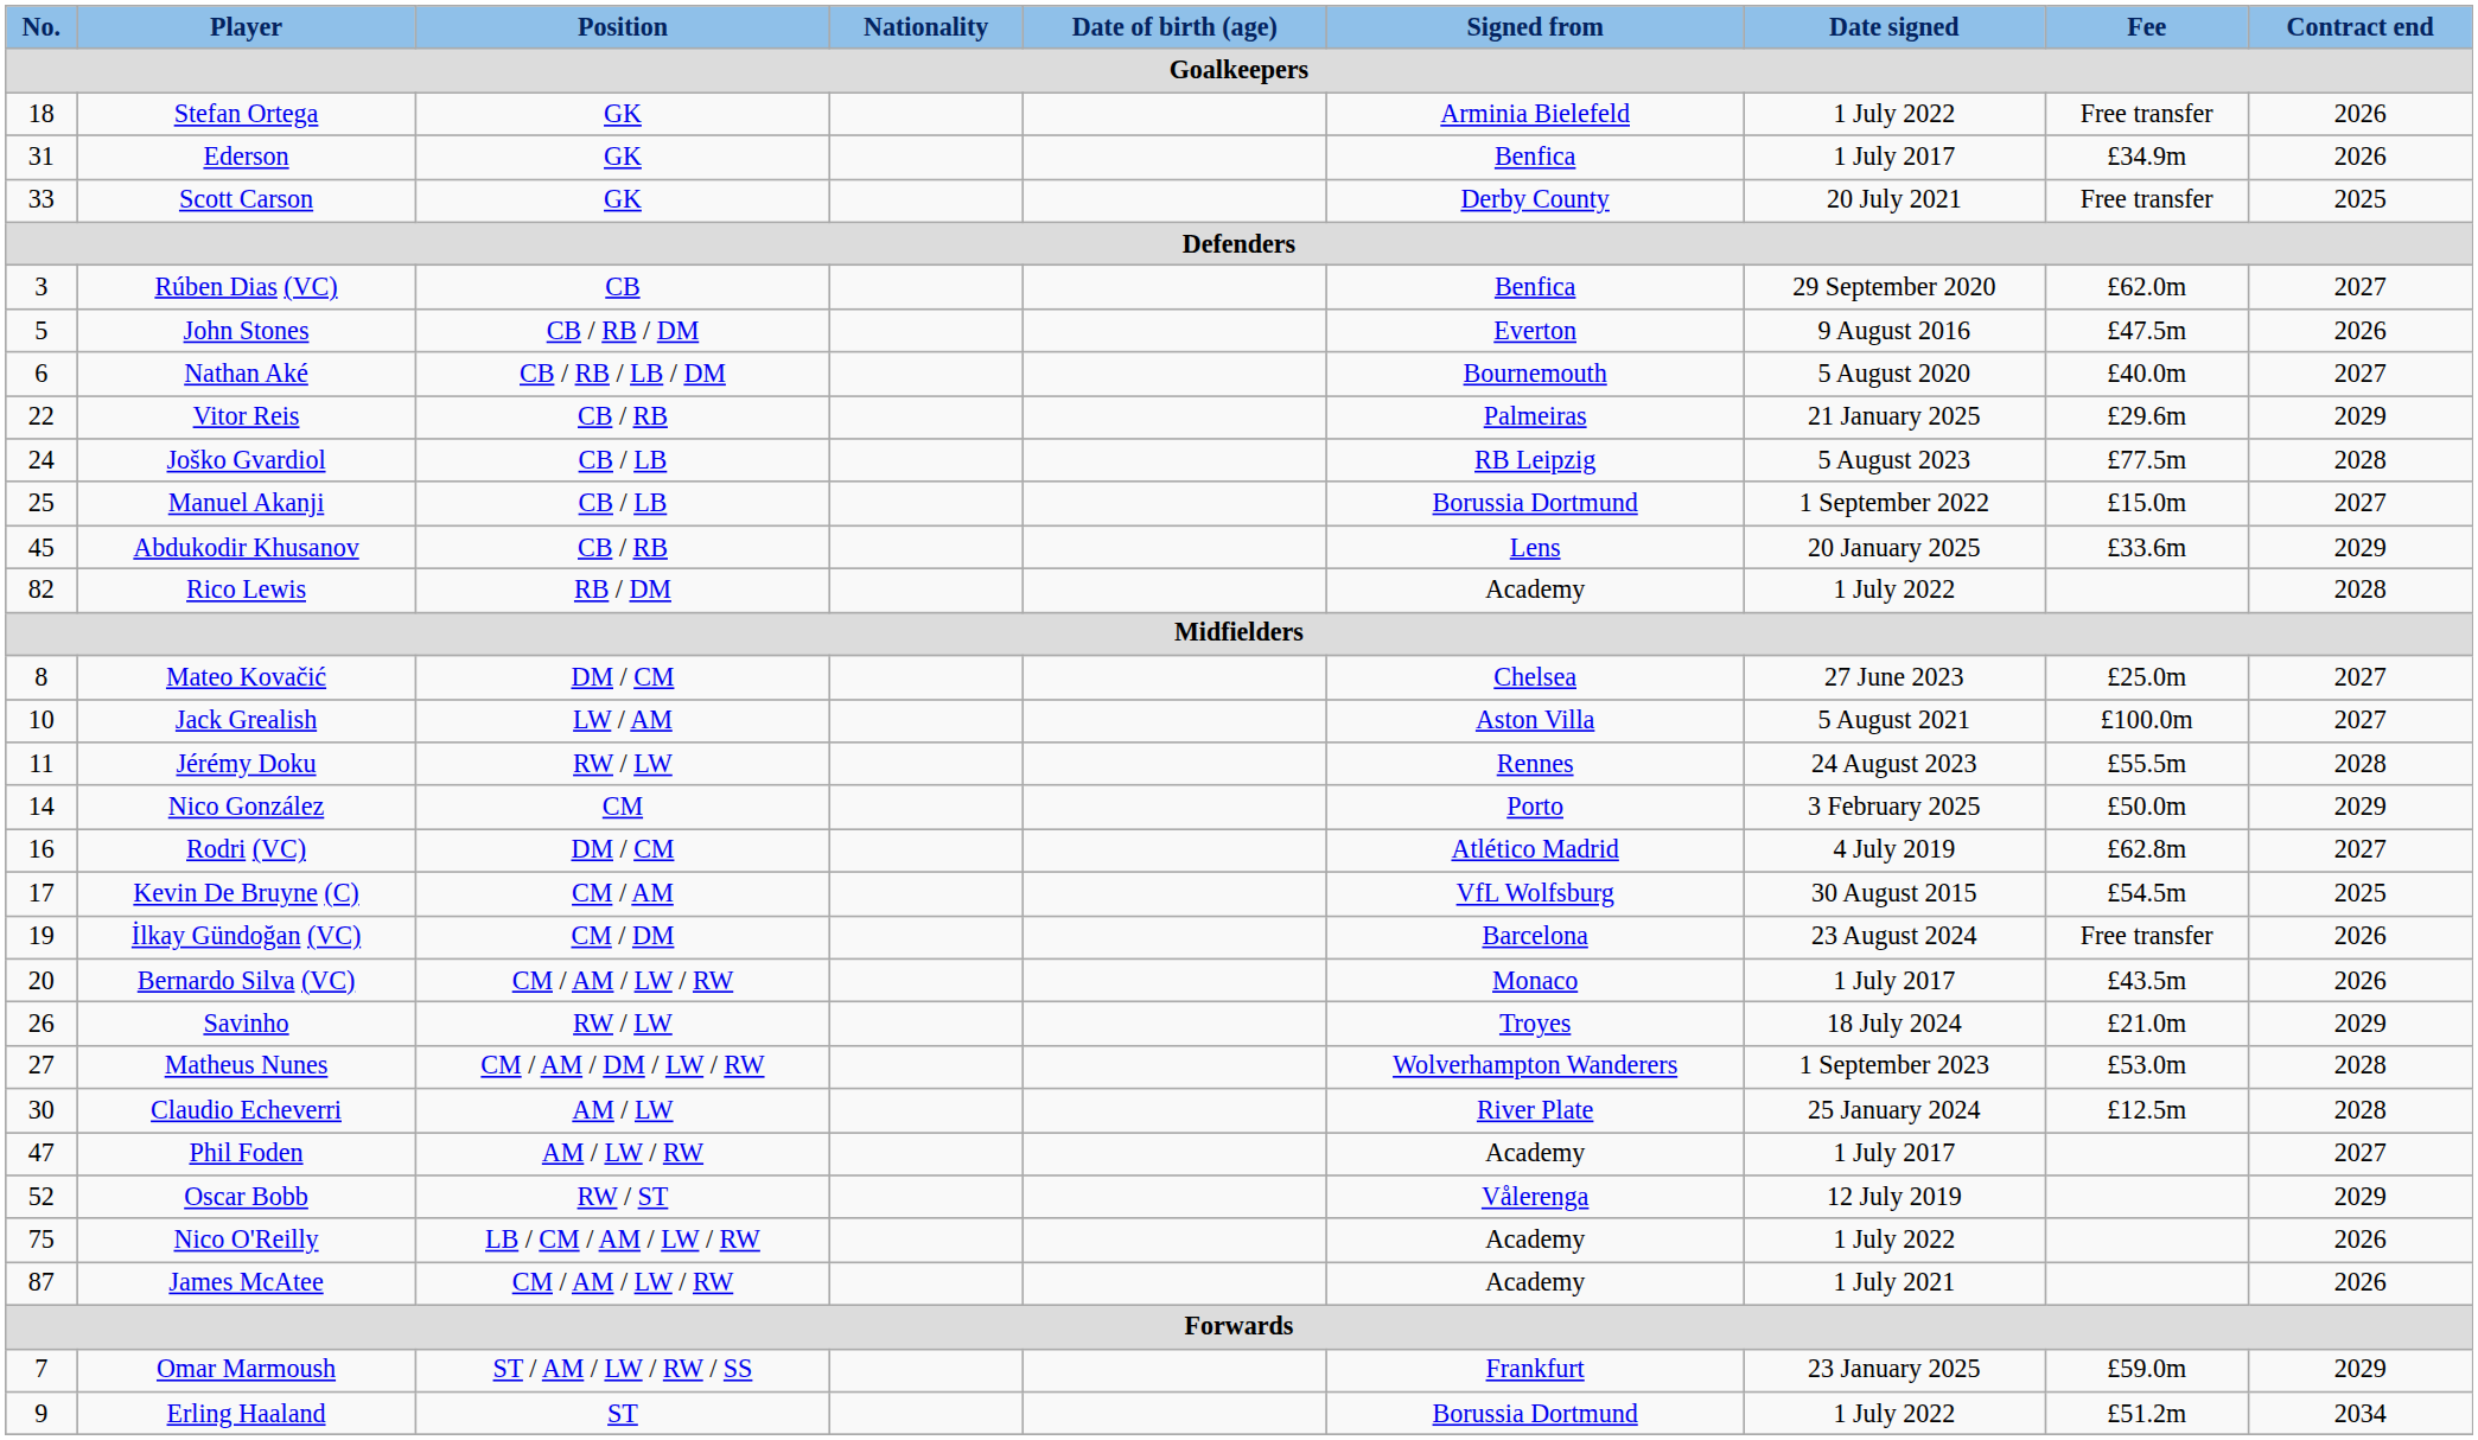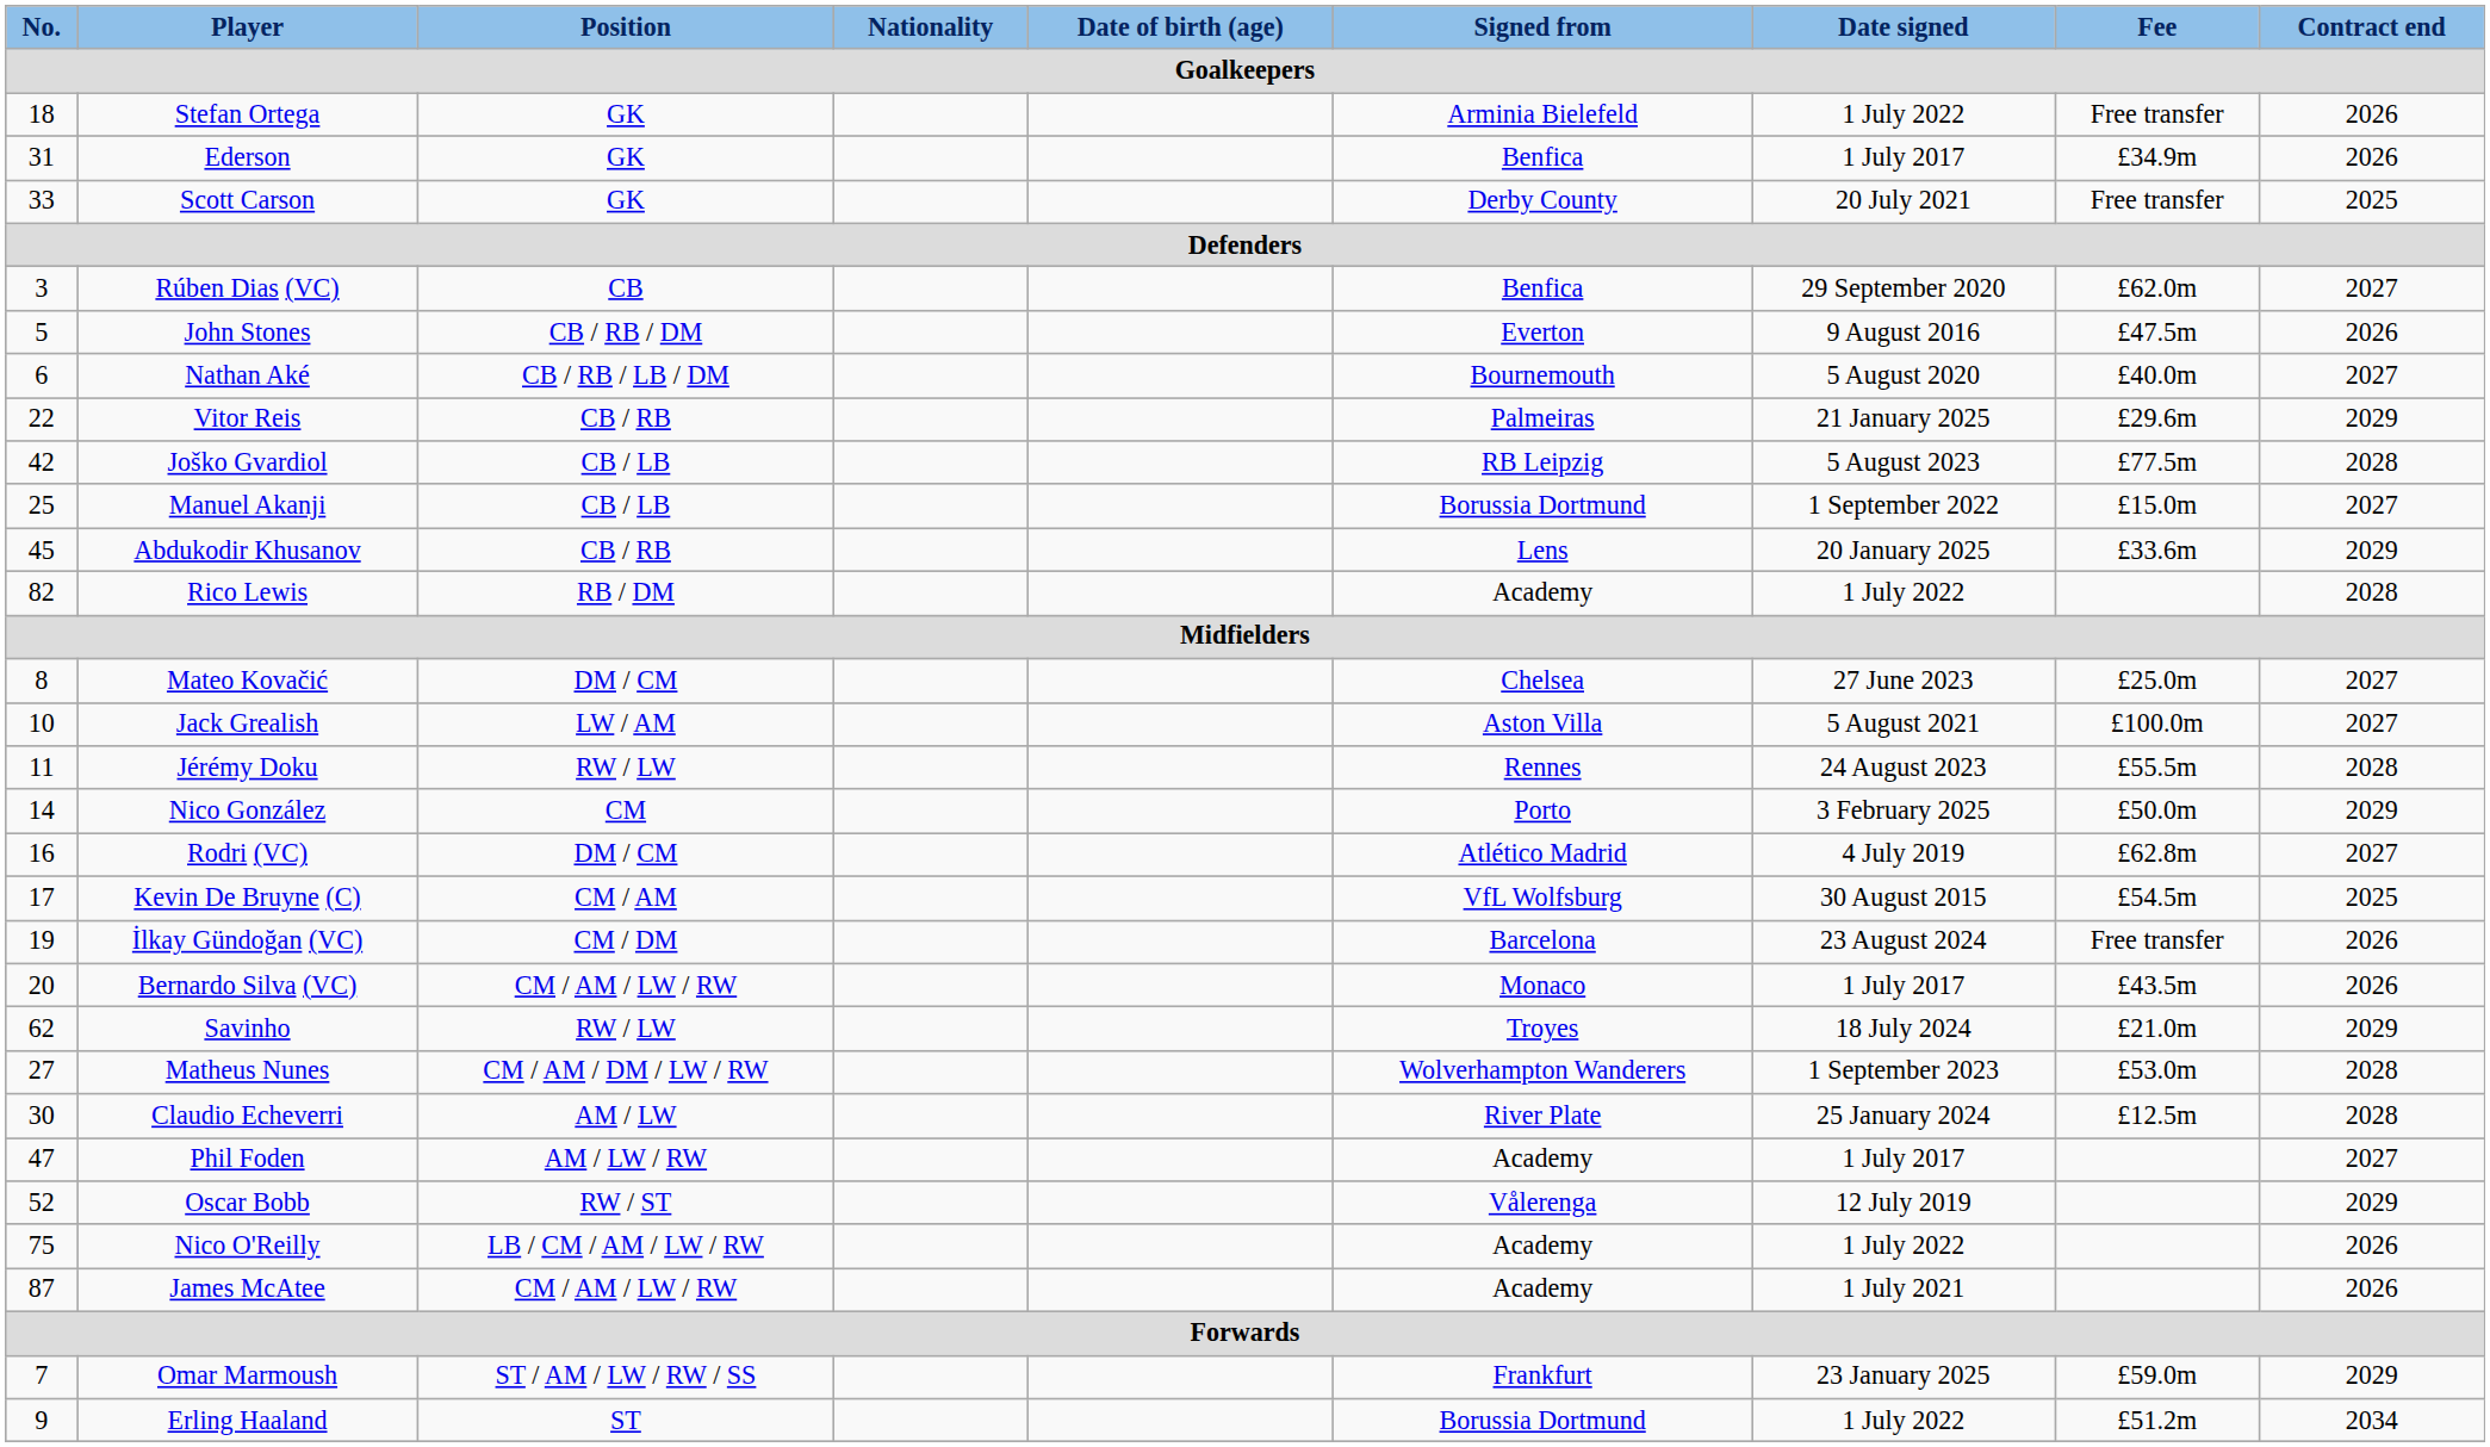 <table class="wikitable" style="text-align:center; font-size:84.5%; width:101%;">
 <tr>
 <th style="background:#8FC0E9;color:#022360; text-align:center;">No.</th>
 <th style="background:#8FC0E9;color:#022360; text-align:center;">Player</th>
 <th style="background:#8FC0E9;color:#022360; text-align:center;">Position</th>
 <th style="background:#8FC0E9;color:#022360; text-align:center;">Nationality</th>
 <th style="background:#8FC0E9;color:#022360; text-align:center;">Date of birth (age)</th>
 <th style="background:#8FC0E9;color:#022360; text-align:center;">Signed from</th>
 <th style="background:#8FC0E9;color:#022360; text-align:center;">Date signed</th>
 <th style="background:#8FC0E9;color:#022360; text-align:center;">Fee</th>
 <th style="background:#8FC0E9;color:#022360; text-align:center;">Contract end</th>
 </tr>
 <tr>
 <th colspan="11" style="background:#dcdcdc; tepxt-align:center;">Goalkeepers</th>
 </tr>
 <tr>
 <td>18</td>
 <td><a href='#'>Stefan Ortega</a></td>
 <td><a href='#'>GK</a></td>
 <td></td>
 <td></td>
 <td> <a href='#'>Arminia Bielefeld</a></td>
 <td>1 July 2022</td>
 <td>Free transfer</td>
 <td>2026</td>
 </tr>
 <tr>
 <td>31</td>
 <td><a href='#'>Ederson</a></td>
 <td><a href='#'>GK</a></td>
 <td></td>
 <td></td>
 <td> <a href='#'>Benfica</a></td>
 <td>1 July 2017</td>
 <td>£34.9m</td>
 <td>2026</td>
 </tr>
 <tr>
 <td>33</td>
 <td><a href='#'>Scott Carson</a></td>
 <td><a href='#'>GK</a></td>
 <td></td>
 <td></td>
 <td><a href='#'>Derby County</a></td>
 <td>20 July 2021</td>
 <td>Free transfer</td>
 <td>2025</td>
 </tr>
 <tr>
 <th colspan="11" style="background:#dcdcdc; tepxt-align:center;">Defenders</th>
 </tr>
 <tr>
 <td>3</td>
 <td><a href='#'>Rúben Dias</a> <a href='#'>(VC)</a></td>
 <td><a href='#'>CB</a></td>
 <td></td>
 <td></td>
 <td> <a href='#'>Benfica</a></td>
 <td>29 September 2020</td>
 <td>£62.0m</td>
 <td>2027</td>
 </tr>
 <tr>
 <td>5</td>
 <td><a href='#'>John Stones</a></td>
 <td><a href='#'>CB</a> / <a href='#'>RB</a> / <a href='#'>DM</a></td>
 <td></td>
 <td></td>
 <td><a href='#'>Everton</a></td>
 <td>9 August 2016</td>
 <td>£47.5m</td>
 <td>2026</td>
 </tr>
 <tr>
 <td>6</td>
 <td><a href='#'>Nathan Aké</a></td>
 <td><a href='#'>CB</a> / <a href='#'>RB</a> / <a href='#'>LB</a> / <a href='#'>DM</a></td>
 <td></td>
 <td></td>
 <td><a href='#'>Bournemouth</a></td>
 <td>5 August 2020</td>
 <td>£40.0m</td>
 <td>2027</td>
 </tr>
 <tr>
 <td>22</td>
 <td><a href='#'>Vitor Reis</a></td>
 <td><a href='#'>CB</a>  / <a href='#'>RB</a></td>
 <td></td>
 <td></td>
 <td> <a href='#'>Palmeiras</a></td>
 <td>21 January 2025</td>
 <td>£29.6m</td>
 <td>2029</td>
 </tr>
 <tr>
-<td>24</td>
+<td>42</td>
 <td><a href='#'>Joško Gvardiol</a></td>
 <td><a href='#'>CB</a>  / <a href='#'>LB</a></td>
 <td></td>
 <td></td>
 <td> <a href='#'>RB Leipzig</a></td>
 <td>5 August 2023</td>
 <td>£77.5m</td>
 <td>2028</td>
 </tr>
 <tr>
 <td>25</td>
 <td><a href='#'>Manuel Akanji</a></td>
 <td><a href='#'>CB</a> / <a href='#'>LB</a></td>
 <td></td>
 <td></td>
 <td> <a href='#'>Borussia Dortmund</a></td>
 <td>1 September 2022</td>
 <td>£15.0m</td>
 <td>2027</td>
 </tr>
 <tr>
 <td>45</td>
 <td><a href='#'>Abdukodir Khusanov</a></td>
 <td><a href='#'>CB</a> / <a href='#'>RB</a></td>
 <td></td>
 <td></td>
 <td> <a href='#'>Lens</a></td>
 <td>20 January 2025</td>
 <td>£33.6m</td>
 <td>2029</td>
 </tr>
 <tr>
 <td>82</td>
 <td><a href='#'>Rico Lewis</a></td>
 <td><a href='#'>RB</a> / <a href='#'>DM</a></td>
 <td></td>
 <td></td>
 <td>Academy</td>
 <td>1 July 2022</td>
 <td></td>
 <td>2028</td>
 </tr>
 <tr>
 <th colspan="11" style="background:#dcdcdc; tepxt-align:center;">Midfielders</th>
 </tr>
 <tr>
 <td>8</td>
 <td><a href='#'>Mateo Kovačić</a></td>
 <td><a href='#'>DM</a> / <a href='#'>CM</a></td>
 <td></td>
 <td></td>
 <td><a href='#'>Chelsea</a></td>
 <td>27 June 2023</td>
 <td>£25.0m</td>
 <td>2027</td>
 </tr>
 <tr>
 <td>10</td>
 <td><a href='#'>Jack Grealish</a></td>
 <td><a href='#'>LW</a> / <a href='#'>AM</a></td>
 <td></td>
 <td></td>
 <td><a href='#'>Aston Villa</a></td>
 <td>5 August 2021</td>
 <td>£100.0m</td>
 <td>2027</td>
 </tr>
 <tr>
 <td>11</td>
 <td><a href='#'>Jérémy Doku</a></td>
 <td><a href='#'>RW</a> / <a href='#'>LW</a></td>
 <td></td>
 <td></td>
 <td> <a href='#'>Rennes</a></td>
 <td>24 August 2023</td>
 <td>£55.5m</td>
 <td>2028</td>
 </tr>
 <tr>
 <td>14</td>
 <td><a href='#'>Nico González</a></td>
 <td><a href='#'>CM</a></td>
 <td></td>
 <td></td>
 <td> <a href='#'>Porto</a></td>
 <td>3 February 2025</td>
 <td>£50.0m</td>
 <td>2029</td>
 </tr>
 <tr>
 <td>16</td>
 <td><a href='#'>Rodri</a> <a href='#'>(VC)</a></td>
 <td><a href='#'>DM</a> / <a href='#'>CM</a></td>
 <td></td>
 <td></td>
 <td> <a href='#'>Atlético Madrid</a></td>
 <td>4 July 2019</td>
 <td>£62.8m</td>
 <td>2027</td>
 </tr>
 <tr>
 <td>17</td>
 <td><a href='#'>Kevin De Bruyne</a> <a href='#'>(C)</a></td>
 <td><a href='#'>CM</a> / <a href='#'>AM</a></td>
 <td></td>
 <td></td>
 <td> <a href='#'>VfL Wolfsburg</a></td>
 <td>30 August 2015</td>
 <td>£54.5m</td>
 <td>2025</td>
 </tr>
 <tr>
 <td>19</td>
 <td><a href='#'>İlkay Gündoğan</a> <a href='#'>(VC)</a></td>
 <td><a href='#'>CM</a> / <a href='#'>DM</a></td>
 <td></td>
 <td></td>
 <td> <a href='#'>Barcelona</a></td>
 <td>23 August 2024</td>
 <td>Free transfer</td>
 <td>2026</td>
 </tr>
 <tr>
 <td>20</td>
 <td><a href='#'>Bernardo Silva</a> <a href='#'>(VC)</a></td>
 <td><a href='#'>CM</a> / <a href='#'>AM</a> / <a href='#'>LW</a> / <a href='#'>RW</a></td>
 <td></td>
 <td></td>
 <td> <a href='#'>Monaco</a></td>
 <td>1 July 2017</td>
 <td>£43.5m</td>
 <td>2026</td>
 </tr>
 <tr>
-<td>26</td>
+<td>62</td>
 <td><a href='#'>Savinho</a></td>
 <td><a href='#'>RW</a> / <a href='#'>LW</a></td>
 <td></td>
 <td></td>
 <td> <a href='#'>Troyes</a></td>
 <td>18 July 2024</td>
 <td>£21.0m</td>
 <td>2029</td>
 </tr>
 <tr>
 <td>27</td>
 <td><a href='#'>Matheus Nunes</a></td>
 <td><a href='#'>CM</a> / <a href='#'>AM</a> / <a href='#'>DM</a>  / <a href='#'>LW</a> / <a href='#'>RW</a></td>
 <td></td>
 <td></td>
 <td><a href='#'>Wolverhampton Wanderers</a></td>
 <td>1 September 2023</td>
 <td>£53.0m</td>
 <td>2028</td>
 </tr>
 <tr>
 <td>30</td>
 <td><a href='#'>Claudio Echeverri</a></td>
 <td><a href='#'>AM</a> / <a href='#'>LW</a></td>
 <td></td>
 <td></td>
 <td> <a href='#'>River Plate</a></td>
 <td>25 January 2024</td>
 <td>£12.5m</td>
 <td>2028</td>
 </tr>
 <tr>
 <td>47</td>
 <td><a href='#'>Phil Foden</a></td>
 <td><a href='#'>AM</a>  / <a href='#'>LW</a> / <a href='#'>RW</a></td>
 <td></td>
 <td></td>
 <td>Academy</td>
 <td>1 July 2017</td>
 <td></td>
 <td>2027</td>
 </tr>
 <tr>
 <td>52</td>
 <td><a href='#'>Oscar Bobb</a></td>
 <td><a href='#'>RW</a> / <a href='#'>ST</a></td>
 <td></td>
 <td></td>
 <td> <a href='#'>Vålerenga</a></td>
 <td>12 July 2019</td>
 <td></td>
 <td>2029</td>
 </tr>
 <tr>
 <td>75</td>
 <td><a href='#'>Nico O'Reilly</a></td>
 <td><a href='#'>LB</a> / <a href='#'>CM</a> / <a href='#'>AM</a> / <a href='#'>LW</a> / <a href='#'>RW</a></td>
 <td></td>
 <td></td>
 <td>Academy</td>
 <td>1 July 2022</td>
 <td></td>
 <td>2026</td>
 </tr>
 <tr>
 <td>87</td>
 <td><a href='#'>James McAtee</a></td>
 <td><a href='#'>CM</a> / <a href='#'>AM</a> / <a href='#'>LW</a> / <a href='#'>RW</a></td>
 <td></td>
 <td></td>
 <td>Academy</td>
 <td>1 July 2021</td>
 <td></td>
 <td>2026</td>
 </tr>
 <tr>
 <th colspan="11" style="background:#dcdcdc; tepxt-align:center;">Forwards</th>
 </tr>
 <tr>
 <td>7</td>
 <td><a href='#'>Omar Marmoush</a></td>
 <td><a href='#'>ST</a> / <a href='#'>AM</a> / <a href='#'>LW</a> / <a href='#'>RW</a> / <a href='#'>SS</a></td>
 <td></td>
 <td></td>
 <td> <a href='#'>Frankfurt</a></td>
 <td>23 January 2025</td>
 <td>£59.0m</td>
 <td>2029</td>
 </tr>
 <tr>
 <td>9</td>
 <td><a href='#'>Erling Haaland</a></td>
 <td><a href='#'>ST</a></td>
 <td></td>
 <td></td>
 <td> <a href='#'>Borussia Dortmund</a></td>
 <td>1 July 2022</td>
 <td>£51.2m</td>
 <td>2034</td>
 </tr>
 <tr>
 </tr>
 </table>
